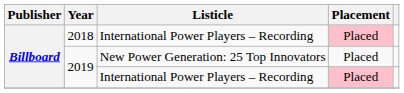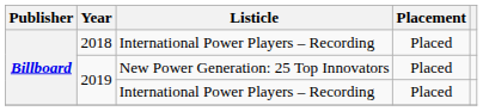 <table class="wikitable plainrowheaders sortable" style="margin-right: 0">
 <tr>
 <th scope="col">Publisher</th>
 <th scope="col">Year</th>
 <th scope="col">Listicle</th>
 <th scope="col">Placement</th>
 <th scope="col" class="unsortable"></th>
 </tr>
 <tr>
 <th scope="row" rowspan="3"><em><a href='#'>Billboard</a></em></th>
 <td>2018</td>
 <td>International Power Players – Recording</td>
-<td style="background: pink; text-align:center;">Placed</td>
+<td style="text-align:center;">Placed</td>
 <td style="text-align:center;"></td>
 </tr>
 <tr>
 <td rowspan="2">2019</td>
 <td>New Power Generation: 25 Top Innovators</td>
 <td style="text-align:center;">Placed</td>
 <td style="text-align:center;"></td>
 </tr>
 <tr>
 <td>International Power Players – Recording</td>
-<td style="background: pink; text-align:center;">Placed</td>
+<td style="text-align:center;">Placed</td>
 <td style="text-align:center;"></td>
 </tr>
 <tr>
 </tr>
 </table>
